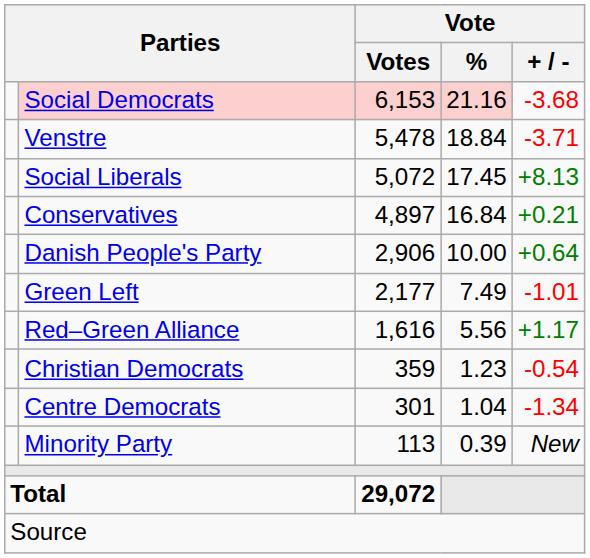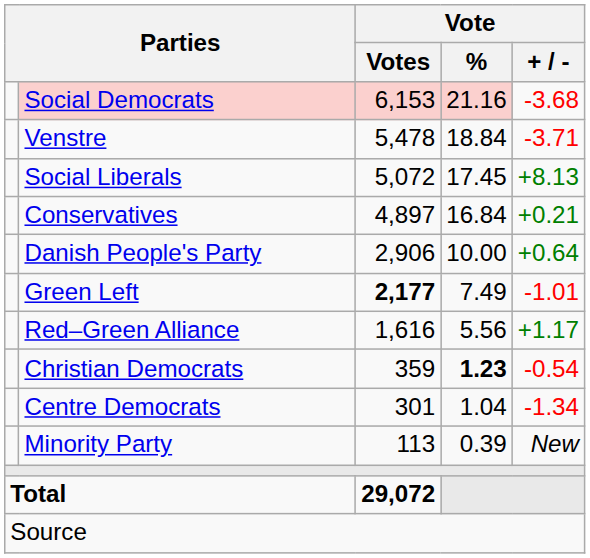 <table class="wikitable" style="text-align:right;">
 <tr>
 <th style="text-align:centre;" rowspan="2" colspan="2" width="225">Parties</th>
 <th colspan="3">Vote</th>
 </tr>
 <tr>
 <th width="15">Votes</th>
 <th width="15">%</th>
 <th width="15">+ / -</th>
 </tr>
 <tr>
 <td width="2" style="color:inherit;background:"></td>
 <td bgcolor=#fbd0ce  align="left"><a href='#'>Social Democrats</a></td>
 <td bgcolor=#fbd0ce>6,153</td>
 <td bgcolor=#fbd0ce>21.16</td>
 <td style=color:red;>-3.68</td>
 </tr>
 <tr>
 <td width="2" style="color:inherit;background:"></td>
 <td align="left"><a href='#'>Venstre</a></td>
 <td>5,478</td>
 <td>18.84</td>
 <td style=color:red;>-3.71</td>
 </tr>
 <tr>
 <td width="2" style="color:inherit;background:"></td>
 <td align="left"><a href='#'>Social Liberals</a></td>
 <td>5,072</td>
 <td>17.45</td>
 <td style=color:green;>+8.13</td>
 </tr>
 <tr>
 <td width="2" style="color:inherit;background:"></td>
 <td align="left"><a href='#'>Conservatives</a></td>
 <td>4,897</td>
 <td>16.84</td>
 <td style=color:green;>+0.21</td>
 </tr>
 <tr>
 <td width="2" style="color:inherit;background:"></td>
 <td align="left"><a href='#'>Danish People's Party</a></td>
 <td>2,906</td>
 <td>10.00</td>
 <td style=color:green;>+0.64</td>
 </tr>
 <tr>
 <td width="2" style="color:inherit;background:"></td>
 <td align="left"><a href='#'>Green Left</a></td>
-<td>2,177</td>
+<td><strong>2,177</strong></td>
 <td>7.49</td>
 <td style=color:red;>-1.01</td>
 </tr>
 <tr>
 <td width="2" style="color:inherit;background:"></td>
 <td align="left"><a href='#'>Red–Green Alliance</a></td>
 <td>1,616</td>
 <td>5.56</td>
 <td style=color:green;>+1.17</td>
 </tr>
 <tr>
 <td width="2" style="color:inherit;background:"></td>
 <td align="left"><a href='#'>Christian Democrats</a></td>
 <td>359</td>
-<td>1.23</td>
+<td><strong>1.23</strong></td>
 <td style=color:red;>-0.54</td>
 </tr>
 <tr>
 <td width="2" style="color:inherit;background:"></td>
 <td align="left"><a href='#'>Centre Democrats</a></td>
 <td>301</td>
 <td>1.04</td>
 <td style=color:red;>-1.34</td>
 </tr>
 <tr>
 <td width="2" style="color:inherit;background:"></td>
 <td align="left"><a href='#'>Minority Party</a></td>
 <td>113</td>
 <td>0.39</td>
 <td><em>New</em></td>
 </tr>
 <tr>
 <td colspan="7" bgcolor="#E9E9E9"></td>
 </tr>
 <tr>
 <td align="left" colspan="2"><strong>Total</strong></td>
 <td><strong>29,072</strong></td>
 <td bgcolor="#E9E9E9" colspan="2"></td>
 </tr>
 <tr>
 <td align="left" colspan="6">Source</td>
 </tr>
 </table>
